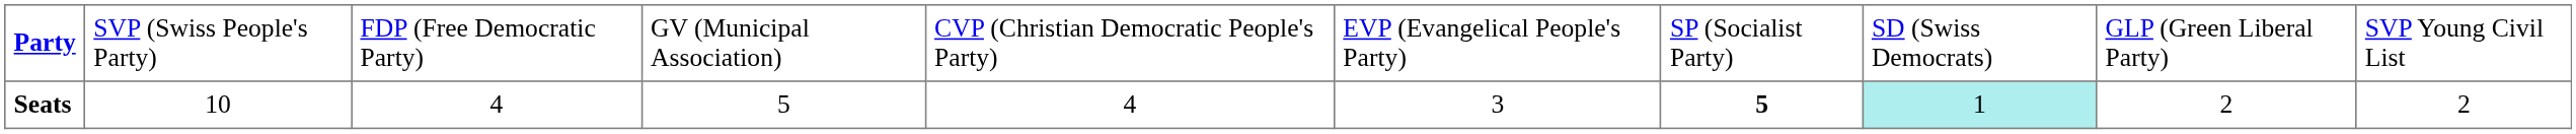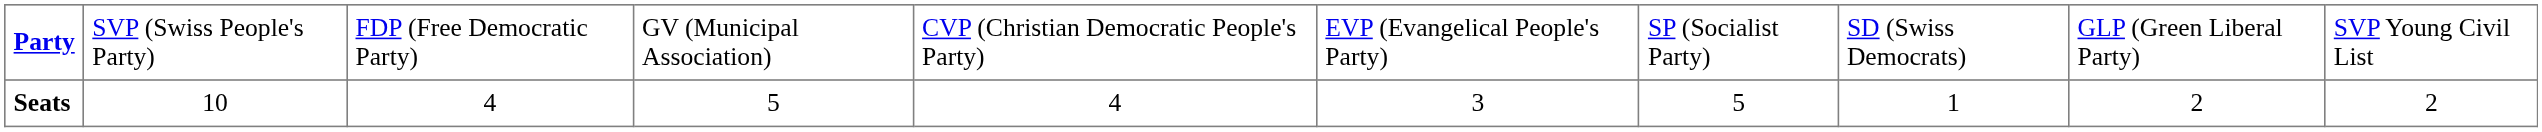 <table border="1" cellspacing="0" cellpadding="5" style="border-collapse:collapse;">
 <tr>
 <td><strong><a href='#'>Party</a></strong></td>
 <td><a href='#'>SVP</a> (Swiss People's Party)</td>
 <td><a href='#'>FDP</a> (Free Democratic Party)</td>
 <td>GV (Municipal Association)</td>
 <td><a href='#'>CVP</a> (Christian Democratic People's Party)</td>
 <td><a href='#'>EVP</a> (Evangelical People's Party)</td>
 <td><a href='#'>SP</a> (Socialist Party)</td>
 <td><a href='#'>SD</a> (Swiss Democrats)</td>
 <td><a href='#'>GLP</a> (Green Liberal Party)</td>
 <td><a href='#'>SVP</a> Young Civil List</td>
 </tr>
 <tr>
 <td><strong>Seats</strong></td>
 <td align="center">10</td>
 <td align="center">4</td>
 <td align="center">5</td>
 <td align="center">4</td>
 <td align="center">3</td>
-<td align="center"><strong>5</strong></td>
-<td align="center" style="background: paleturquoise;">1</td>
+<td align="center">5</td>
+<td align="center">1</td>
 <td align="center">2</td>
 <td align="center">2</td>
 </tr>
 </table>
